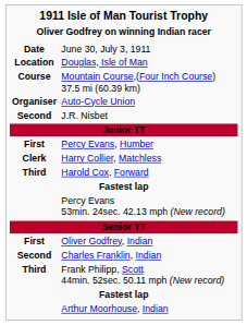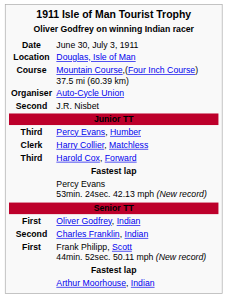 <table class="infobox" style="width:25em; font-size:80%;">
 <tr>
 <th colspan="2"  style="background:; text-align:center;"><big><span>1911 Isle of Man Tourist Trophy</span></big></th>
 </tr>
 <tr>
 <th colspan="2">Oliver Godfrey on winning Indian racer</th>
 </tr>
 <tr>
 <th></th>
 <td></td>
 </tr>
 <tr>
 <th>Date</th>
 <td valign="top">June 30, July 3, 1911</td>
 </tr>
 <tr>
 <th>Location</th>
 <td valign="top"><a href='#'>Douglas, Isle of Man</a></td>
 </tr>
 <tr>
 <th>Course</th>
 <td valign="top"><a href='#'>Mountain Course</a>,(<a href='#'>Four Inch Course</a>) <br> 37.5 mi (60.39 km)</td>
 </tr>
 <tr>
 <th>Organiser</th>
 <td valign="top"><a href='#'>Auto-Cycle Union</a></td>
 </tr>
 <tr>
 <th>Second</th>
 <td valign="top">J.R. Nisbet</td>
 </tr>
 <tr>
 <th colspan="2"  style="background:#bd002b; text-align:center;"><span>Junior TT</span></th>
 </tr>
 <tr>
-<th>First</th>
+<th>Third</th>
 <td valign="top"><a href='#'>Percy Evans</a>, <a href='#'>Humber</a></td>
 </tr>
 <tr>
 <th>Clerk</th>
 <td valign="top"><a href='#'>Harry Collier</a>, <a href='#'>Matchless</a></td>
 </tr>
 <tr>
 <th>Third</th>
 <td valign="top"><a href='#'>Harold Cox</a>, <a href='#'>Forward</a></td>
 </tr>
 <tr>
 <th colspan="2"  style="background:#; text-align:center;"><span>Fastest lap</span></th>
 </tr>
 <tr>
 <th></th>
 <td valign="top">Percy Evans <br> 53min. 24sec. 42.13 mph <em>(New record)</em></td>
 </tr>
 <tr>
 </tr>
 <tr>
 <th colspan="2"  style="background:#bd002b; text-align:center;"><span>Senior TT</span></th>
 </tr>
 <tr>
 <th>First</th>
 <td valign="top"><a href='#'>Oliver Godfrey</a>, <a href='#'>Indian</a></td>
 </tr>
 <tr>
 <th>Second</th>
 <td valign="top"><a href='#'>Charles Franklin</a>, <a href='#'>Indian</a></td>
 </tr>
 <tr>
-<th>Third</th>
+<th>First</th>
 <td valign="top">Frank Philipp, <a href='#'>Scott</a> <br> 44min. 52sec. 50.11 mph <em>(New record)</em></td>
 </tr>
 <tr>
 <th colspan="2"  style="background:#; text-align:center;"><span>Fastest lap</span></th>
 </tr>
 <tr>
 <th></th>
 <td valign="top"><a href='#'>Arthur Moorhouse</a>, <a href='#'>Indian</a></td>
 </tr>
 <tr>
 </tr>
 </table>
